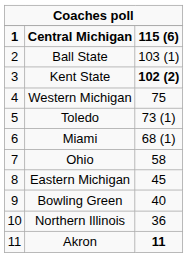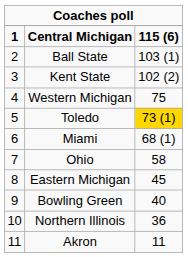 <table class="wikitable" style="display: inline-table;">
 <tr>
 <td align="center" Colspan="3"><strong>Coaches poll</strong></td>
 </tr>
 <tr align="center">
 </tr>
 <tr align="center">
 <td><strong>1</strong></td>
 <td><strong>Central Michigan</strong></td>
 <td><strong>115 (6)</strong></td>
 </tr>
 <tr align="center">
 <td>2</td>
 <td>Ball State</td>
 <td>103 (1)</td>
 </tr>
 <tr align="center">
 <td>3</td>
 <td>Kent State</td>
-<td><strong>102 (2)</strong></td>
+<td>102 (2)</td>
 </tr>
 <tr align="center">
 <td>4</td>
 <td>Western Michigan</td>
 <td>75</td>
 </tr>
 <tr align="center">
 <td>5</td>
 <td>Toledo</td>
-<td>73 (1)</td>
+<td style="background: gold;">73 (1)</td>
 </tr>
 <tr align="center">
 <td>6</td>
 <td>Miami</td>
 <td>68 (1)</td>
 </tr>
 <tr align="center">
 <td>7</td>
 <td>Ohio</td>
 <td>58</td>
 </tr>
 <tr align="center">
 <td>8</td>
 <td>Eastern Michigan</td>
 <td>45</td>
 </tr>
 <tr align="center">
 <td>9</td>
 <td>Bowling Green</td>
 <td>40</td>
 </tr>
 <tr align="center">
 <td>10</td>
 <td>Northern Illinois</td>
 <td>36</td>
 </tr>
 <tr align="center">
 <td>11</td>
 <td>Akron</td>
-<td><strong>11</strong></td>
+<td>11</td>
 </tr>
 </table>
